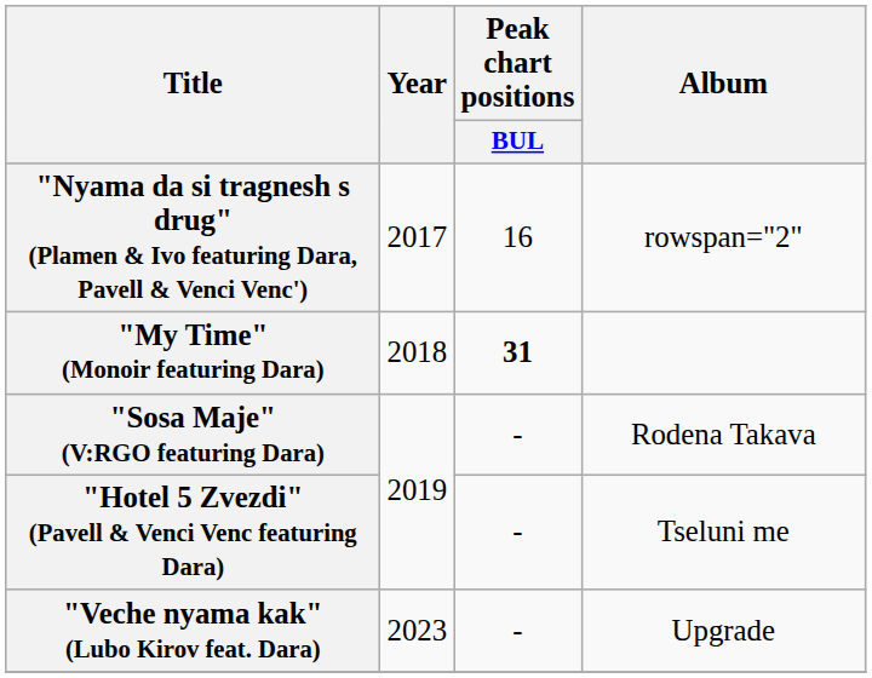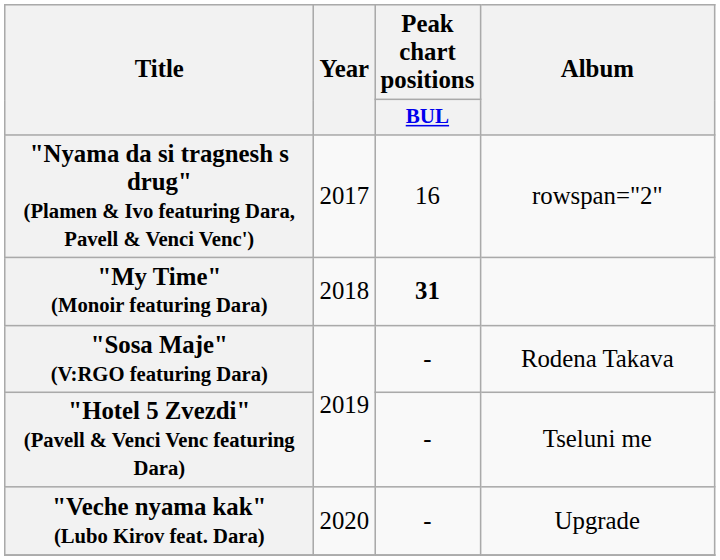 <table class="wikitable plainrowheaders" style="text-align:center;">
 <tr>
 <th rowspan="2" scope="col" style="width:12em;">Title</th>
 <th rowspan="2" scope="col">Year</th>
 <th colspan="1" scope="col">Peak chart positions</th>
 <th rowspan="2" scope="col" style="width:9em;">Album</th>
 </tr>
 <tr>
 <th scope="col" style="width:2.5em;font-size:85%;"><a href='#'>BUL</a><br></th>
 </tr>
 <tr>
 <th scope="row">"Nyama da si tragnesh s drug"<br><small>(Plamen & Ivo featuring Dara, Pavell & Venci Venc')</small><br></th>
 <td>2017</td>
 <td>16</td>
 <td>rowspan="2" </td>
 </tr>
 <tr>
 <th scope="row">"My Time"<br><small>(Monoir featuring Dara)</small><br></th>
 <td>2018</td>
 <td><strong>31</strong></td>
 </tr>
 <tr>
 <th scope="row">"Sosa Maje"<br><small>(V:RGO featuring Dara)</small><br></th>
 <td rowspan="2">2019</td>
 <td>-</td>
 <td>Rodena Takava</td>
 </tr>
 <tr>
 <th scope="row">"Hotel 5 Zvezdi"<br><small>(Pavell & Venci Venc featuring Dara)</small><br></th>
 <td>-</td>
 <td>Tseluni me</td>
 </tr>
 <tr>
 <th scope="row">"Veche nyama kak"<br><small>(Lubo Kirov feat. Dara)</small><br></th>
-<td>2023</td>
+<td>2020</td>
 <td>-</td>
 <td>Upgrade</td>
 </tr>
 <tr>
 </tr>
 </table>
